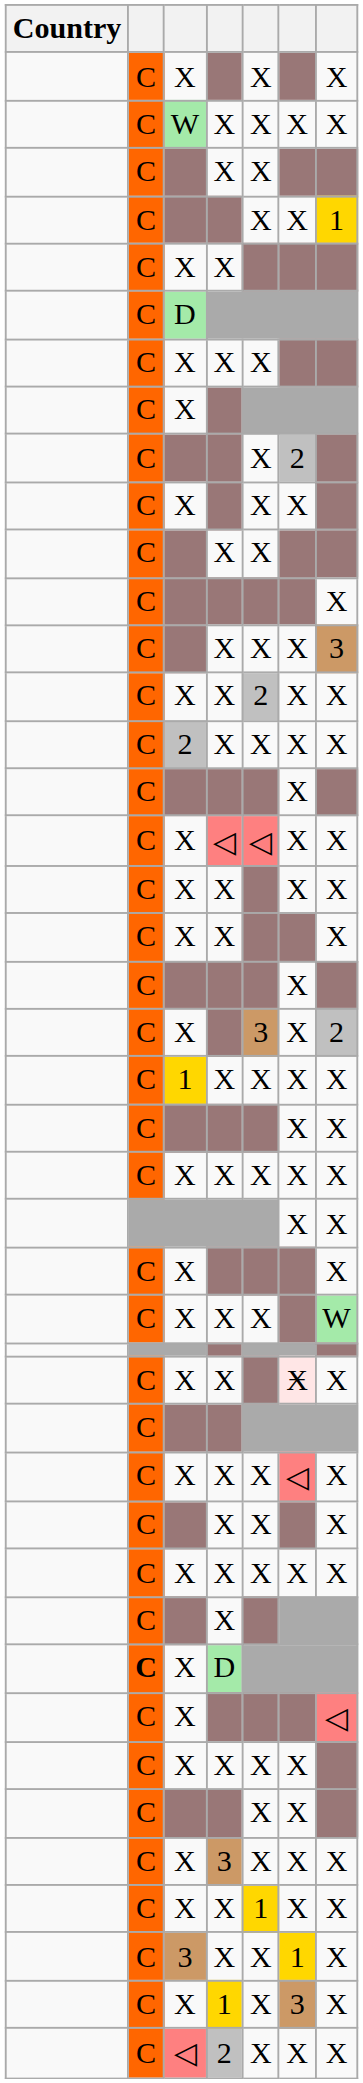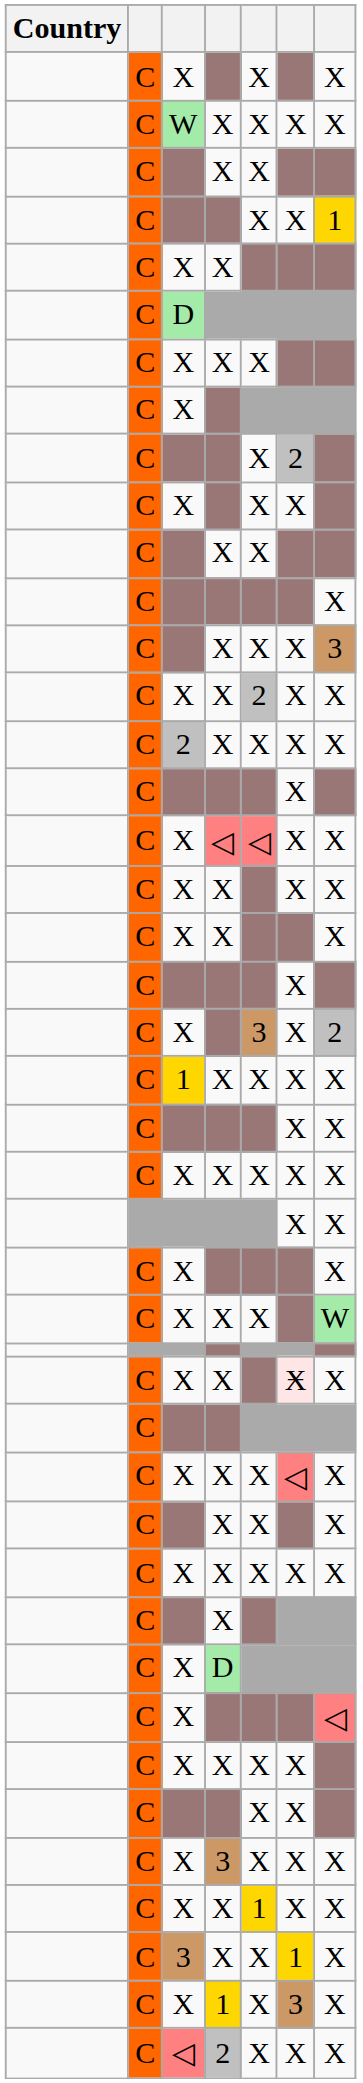 <table class="wikitable collapsible collapsed" style="margin:10px;text-align:center;">
 <tr>
 <th scope="col">Country</th>
 <th scope="col"><s></s></th>
 <th scope="col"></th>
 <th scope="col"></th>
 <th scope="col"></th>
 <th scope="col"></th>
 <th scope="col"></th>
 </tr>
 <tr>
 <td align=left></td>
 <td style="background:#F60;">C</td>
 <td>X</td>
 <td style="background:#977;color:white;"></td>
 <td>X</td>
 <td style="background:#977;color:white;"></td>
 <td>X</td>
 </tr>
 <tr>
 <td align=left></td>
 <td style="background:#F60;">C</td>
 <td style="background:#A4EAA9;">W</td>
 <td>X</td>
 <td>X</td>
 <td>X</td>
 <td>X</td>
 </tr>
 <tr>
 <td align=left></td>
 <td style="background:#F60;">C</td>
 <td style="background:#977;color:white;"></td>
 <td>X</td>
 <td>X</td>
 <td style="background:#977;color:white;"></td>
 <td style="background:#977;color:white;"></td>
 </tr>
 <tr>
 <td align=left></td>
 <td style="background:#F60;">C</td>
 <td style="background:#977;color:white;"></td>
 <td style="background:#977;color:white;"></td>
 <td>X</td>
 <td>X</td>
 <td style="background:gold">1</td>
 </tr>
 <tr>
 <td align=left></td>
 <td style="background:#F60;">C</td>
 <td>X</td>
 <td>X</td>
 <td style="background:#977;color:white;"></td>
 <td style="background:#977;color:white;"></td>
 <td style="background:#977;color:white;"></td>
 </tr>
 <tr>
 <td align=left></td>
 <td style="background:#F60;">C</td>
 <td style="background:#A4EAA9;">D</td>
 <td colspan=4 style="background:#AAA;"></td>
 </tr>
 <tr>
 <td align=left></td>
 <td style="background:#F60;">C</td>
 <td>X</td>
 <td>X</td>
 <td>X</td>
 <td style="background:#977;color:white;"></td>
 <td style="background:#977;color:white;"></td>
 </tr>
 <tr>
 <td align=left></td>
 <td style="background:#F60;">C</td>
 <td>X</td>
 <td style="background:#977;color:white;"></td>
 <td colspan=3 style="background:#AAA;"></td>
 </tr>
 <tr>
 <td align=left></td>
 <td style="background:#F60;">C</td>
 <td style="background:#977;color:white;"></td>
 <td style="background:#977;color:white;"></td>
 <td>X</td>
 <td style="background:silver">2</td>
 <td style="background:#977;color:white;"></td>
 </tr>
 <tr>
 <td align=left></td>
 <td style="background:#F60;">C</td>
 <td>X</td>
 <td style="background:#977;color:white;"></td>
 <td>X</td>
 <td>X</td>
 <td style="background:#977;color:white;"></td>
 </tr>
 <tr>
 <td align=left></td>
 <td style="background:#F60;">C</td>
 <td style="background:#977;color:white;"></td>
 <td>X</td>
 <td>X</td>
 <td style="background:#977;color:white;"></td>
 <td style="background:#977;color:white;"></td>
 </tr>
 <tr>
 <td align=left></td>
 <td style="background:#F60;">C</td>
 <td style="background:#977;color:white;"></td>
 <td style="background:#977;color:white;"></td>
 <td style="background:#977;color:white;"></td>
 <td style="background:#977;color:white;"></td>
 <td>X</td>
 </tr>
 <tr>
 <td align=left></td>
 <td style="background:#F60;">C</td>
 <td style="background:#977;color:white;"></td>
 <td>X</td>
 <td>X</td>
 <td>X</td>
 <td style="background:#C96;">3</td>
 </tr>
 <tr>
 <td align=left></td>
 <td style="background:#F60;">C</td>
 <td>X</td>
 <td>X</td>
 <td style="background:silver">2</td>
 <td>X</td>
 <td>X</td>
 </tr>
 <tr>
 <td align=left></td>
 <td style="background:#F60;">C</td>
 <td style="background:silver">2</td>
 <td>X</td>
 <td>X</td>
 <td>X</td>
 <td>X</td>
 </tr>
 <tr>
 <td align=left></td>
 <td style="background:#F60;">C</td>
 <td style="background:#977;color:white;"></td>
 <td style="background:#977;color:white;"></td>
 <td style="background:#977;color:white;"></td>
 <td>X</td>
 <td style="background:#977;color:white;"></td>
 </tr>
 <tr>
 <td align=left></td>
 <td style="background:#F60;">C</td>
 <td>X</td>
 <td bgcolor="#FE8080">◁</td>
 <td bgcolor="#FE8080">◁</td>
 <td>X</td>
 <td>X</td>
 </tr>
 <tr>
 <td align=left></td>
 <td style="background:#F60;">C</td>
 <td>X</td>
 <td>X</td>
 <td style="background:#977;color:white;"></td>
 <td>X</td>
 <td>X</td>
 </tr>
 <tr>
 <td align=left></td>
 <td style="background:#F60;">C</td>
 <td>X</td>
 <td>X</td>
 <td style="background:#977;color:white;"></td>
 <td style="background:#977;color:white;"></td>
 <td>X</td>
 </tr>
 <tr>
 <td align=left></td>
 <td style="background:#F60;">C</td>
 <td style="background:#977;color:white;"></td>
 <td style="background:#977;color:white;"></td>
 <td style="background:#977;color:white;"></td>
 <td>X</td>
 <td style="background:#977;color:white;"></td>
 </tr>
 <tr>
 <td align=left></td>
 <td style="background:#F60;">C</td>
 <td>X</td>
 <td style="background:#977;color:white;"></td>
 <td style="background:#C96;">3</td>
 <td>X</td>
 <td style="background:silver">2</td>
 </tr>
 <tr>
 <td align=left></td>
 <td style="background:#F60;">C</td>
 <td style="background:gold">1</td>
 <td>X</td>
 <td>X</td>
 <td>X</td>
 <td>X</td>
 </tr>
 <tr>
 <td align=left></td>
 <td style="background:#F60;">C</td>
 <td style="background:#977;color:white;"></td>
 <td style="background:#977;color:white;"></td>
 <td style="background:#977;color:white;"></td>
 <td>X</td>
 <td>X</td>
 </tr>
 <tr>
 <td align=left></td>
 <td style="background:#F60;">C</td>
 <td>X</td>
 <td>X</td>
 <td>X</td>
 <td>X</td>
 <td>X</td>
 </tr>
 <tr>
 <td align=left></td>
 <td colspan=4 style="background:#AAA;"></td>
 <td>X</td>
 <td>X</td>
 </tr>
 <tr>
 <td align=left></td>
 <td style="background:#F60;">C</td>
 <td>X</td>
 <td style="background:#977;color:white;"></td>
 <td style="background:#977;color:white;"></td>
 <td style="background:#977;color:white;"></td>
 <td>X</td>
 </tr>
 <tr>
 <td align=left></td>
 <td style="background:#F60;">C</td>
 <td>X</td>
 <td>X</td>
 <td>X</td>
 <td style="background:#977;color:white;"></td>
 <td style="background:#A4EAA9;">W</td>
 </tr>
 <tr>
 <td align=left></td>
 <td colspan=2 style="background:#AAA;"></td>
 <td style="background:#977;color:white;"></td>
 <td colspan=2 style="background:#AAA;"></td>
 <td style="background:#977;color:white;"></td>
 </tr>
 <tr>
 <td align=left></td>
 <td style="background:#F60;">C</td>
 <td>X</td>
 <td>X</td>
 <td style="background:#977;color:white;"></td>
 <td style="background:#FFE6E6;">Ӿ</td>
 <td>X</td>
 </tr>
 <tr>
 <td align=left></td>
 <td style="background:#F60;">C</td>
 <td style="background:#977;color:white;"></td>
 <td style="background:#977;color:white;"></td>
 <td colspan=3 style="background:#AAA;"></td>
 </tr>
 <tr>
 <td align=left></td>
 <td style="background:#F60;">C</td>
 <td>X</td>
 <td>X</td>
 <td>X</td>
 <td bgcolor="#FE8080">◁</td>
 <td>X</td>
 </tr>
 <tr>
 <td align=left></td>
 <td style="background:#F60;">C</td>
 <td style="background:#977;color:white;"></td>
 <td>X</td>
 <td>X</td>
 <td style="background:#977;color:white;"></td>
 <td>X</td>
 </tr>
 <tr>
 <td align=left></td>
 <td style="background:#F60;">C</td>
 <td>X</td>
 <td>X</td>
 <td>X</td>
 <td>X</td>
 <td>X</td>
 </tr>
 <tr>
 <td align=left></td>
 <td style="background:#F60;">C</td>
 <td style="background:#977;color:white;"></td>
 <td>X</td>
 <td style="background:#977;color:white;"></td>
 <td colspan=2 style="background:#AAA;"></td>
 </tr>
 <tr>
 <td align=left></td>
-<td style="background:#F60;"><strong>C</strong></td>
+<td style="background:#F60;">C</td>
 <td>X</td>
 <td style="background:#A4EAA9;">D</td>
 <td colspan=3 style="background:#AAA;"></td>
 </tr>
 <tr>
 <td align=left></td>
 <td style="background:#F60;">C</td>
 <td>X</td>
 <td style="background:#977;color:white;"></td>
 <td style="background:#977;color:white;"></td>
 <td style="background:#977;color:white;"></td>
 <td bgcolor="#FE8080">◁</td>
 </tr>
 <tr>
 <td align=left></td>
 <td style="background:#F60;">C</td>
 <td>X</td>
 <td>X</td>
 <td>X</td>
 <td>X</td>
 <td style="background:#977;color:white;"></td>
 </tr>
 <tr>
 <td align=left></td>
 <td style="background:#F60;">C</td>
 <td style="background:#977;color:white;"></td>
 <td style="background:#977;color:white;"></td>
 <td>X</td>
 <td>X</td>
 <td style="background:#977;color:white;"></td>
 </tr>
 <tr>
 <td align=left></td>
 <td style="background:#F60;">C</td>
 <td>X</td>
 <td style="background:#C96;">3</td>
 <td>X</td>
 <td>X</td>
 <td>X</td>
 </tr>
 <tr>
 <td align=left></td>
 <td style="background:#F60;">C</td>
 <td>X</td>
 <td>X</td>
 <td style="background:gold">1</td>
 <td>X</td>
 <td>X</td>
 </tr>
 <tr>
 <td align=left></td>
 <td style="background:#F60;">C</td>
 <td style="background:#C96;">3</td>
 <td>X</td>
 <td>X</td>
 <td style="background:gold">1</td>
 <td>X</td>
 </tr>
 <tr>
 <td align=left></td>
 <td style="background:#F60;">C</td>
 <td>X</td>
 <td style="background:gold">1</td>
 <td>X</td>
 <td style="background:#C96;">3</td>
 <td>X</td>
 </tr>
 <tr>
 <td align=left></td>
 <td style="background:#F60;">C</td>
 <td bgcolor="#FE8080">◁</td>
 <td style="background:silver">2</td>
 <td>X</td>
 <td>X</td>
 <td>X</td>
 </tr>
 </table>
